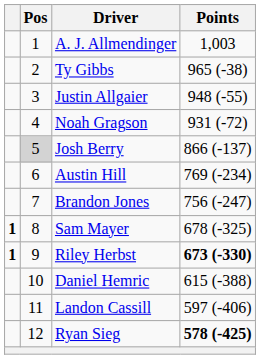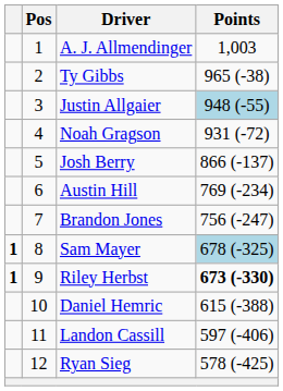 <table class="wikitable" style="font-size: 95%;">
 <tr>
 <th></th>
 <th>Pos</th>
 <th>Driver</th>
 <th>Points</th>
 </tr>
 <tr>
 <td align="left"></td>
 <td style="text-align:center;">1</td>
 <td><a href='#'>A. J. Allmendinger</a></td>
 <td style="text-align:center;">1,003</td>
 </tr>
 <tr>
 <td align="left"></td>
 <td style="text-align:center;">2</td>
 <td><a href='#'>Ty Gibbs</a></td>
 <td style="text-align:center;">965 (-38)</td>
 </tr>
 <tr>
 <td align="left"></td>
 <td style="text-align:center;">3</td>
 <td><a href='#'>Justin Allgaier</a></td>
-<td style="text-align:center;">948 (-55)</td>
+<td style="background: lightblue; text-align:center;">948 (-55)</td>
 </tr>
 <tr>
 <td align="left"></td>
 <td style="text-align:center;">4</td>
 <td><a href='#'>Noah Gragson</a></td>
 <td style="text-align:center;">931 (-72)</td>
 </tr>
 <tr>
 <td align="left"></td>
-<td style="background: lightgrey; text-align:center;">5</td>
+<td style="text-align:center;">5</td>
 <td><a href='#'>Josh Berry</a></td>
 <td style="text-align:center;">866 (-137)</td>
 </tr>
 <tr>
 <td align="left"></td>
 <td style="text-align:center;">6</td>
 <td><a href='#'>Austin Hill</a></td>
 <td style="text-align:center;">769 (-234)</td>
 </tr>
 <tr>
 <td align="left"></td>
 <td style="text-align:center;">7</td>
 <td><a href='#'>Brandon Jones</a></td>
 <td style="text-align:center;">756 (-247)</td>
 </tr>
 <tr>
 <td align="left"> <strong>1</strong></td>
 <td style="text-align:center;">8</td>
 <td><a href='#'>Sam Mayer</a></td>
-<td style="text-align:center;">678 (-325)</td>
+<td style="background: lightblue; text-align:center;">678 (-325)</td>
 </tr>
 <tr>
 <td align="left"> <strong>1</strong></td>
 <td style="text-align:center;">9</td>
 <td><a href='#'>Riley Herbst</a></td>
 <td style="text-align:center;"><strong>673 (-330)</strong></td>
 </tr>
 <tr>
 <td align="left"></td>
 <td style="text-align:center;">10</td>
 <td><a href='#'>Daniel Hemric</a></td>
 <td style="text-align:center;">615 (-388)</td>
 </tr>
 <tr>
 <td align="left"></td>
 <td style="text-align:center;">11</td>
 <td><a href='#'>Landon Cassill</a></td>
 <td style="text-align:center;">597 (-406)</td>
 </tr>
 <tr>
 <td align="left"></td>
 <td style="text-align:center;">12</td>
 <td><a href='#'>Ryan Sieg</a></td>
-<td style="text-align:center;"><strong>578 (-425)</strong></td>
+<td style="text-align:center;">578 (-425)</td>
 </tr>
 <tr class="sortbottom">
 <th colspan="9"></th>
 </tr>
 </table>
